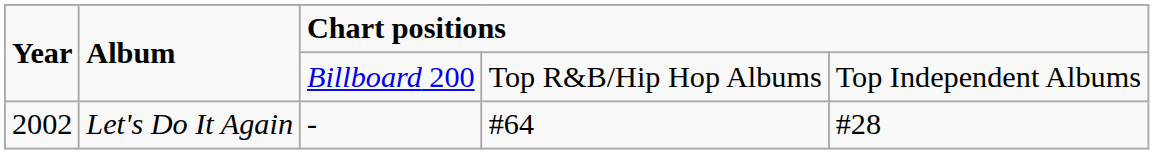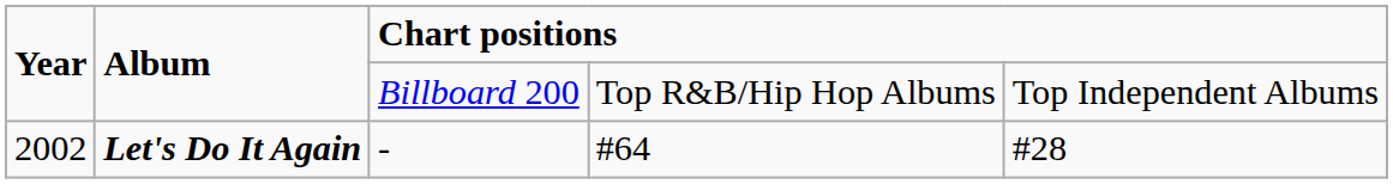 <table class="wikitable">
 <tr>
 <td rowspan="2"><strong>Year</strong></td>
 <td rowspan="2"><strong>Album</strong></td>
 <td colspan="3"><strong>Chart positions</strong></td>
 </tr>
 <tr>
 <td><a href='#'><em>Billboard</em> 200</a></td>
 <td>Top R&B/Hip Hop Albums</td>
 <td>Top Independent Albums</td>
 </tr>
 <tr>
 <td>2002</td>
-<td><em>Let's Do It Again</em></td>
+<td><strong><em>Let's Do It Again</em></strong></td>
 <td>-</td>
 <td>#64</td>
 <td>#28</td>
 </tr>
 </table>
